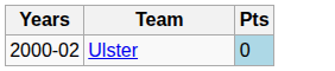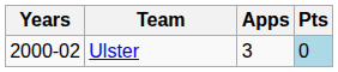 <table class="wikitable" style="text-align:left;">
 <tr>
 <th>Years</th>
 <th width=120px>Team</th>
+<th>Apps</th>
 <th>Pts</th>
 </tr>
 <tr>
 <td>2000-02</td>
 <td><a href='#'>Ulster</a></td>
+<td>3</td>
 <td style="background: lightblue;">0</td>
 </tr>
 </table>
